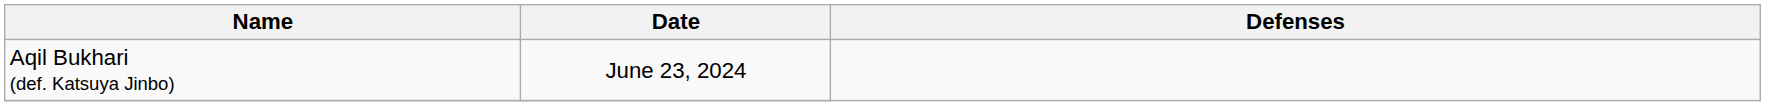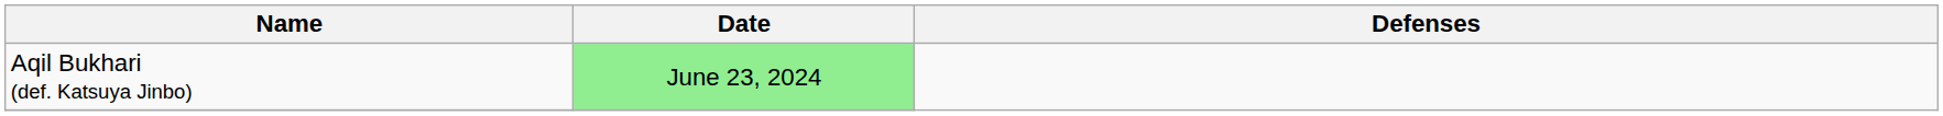 <table class="wikitable" width=100%>
 <tr>
 <th width=25%>Name</th>
 <th width=15%>Date</th>
 <th width=45%>Defenses</th>
 </tr>
 <tr>
 <td align=left> Aqil Bukhari <br><small>(def. Katsuya Jinbo)</small></td>
-<td align=center>June 23, 2024</td>
+<td align=center style="background: lightgreen;">June 23, 2024</td>
 </tr>
 <tr>
 </tr>
 </table>
